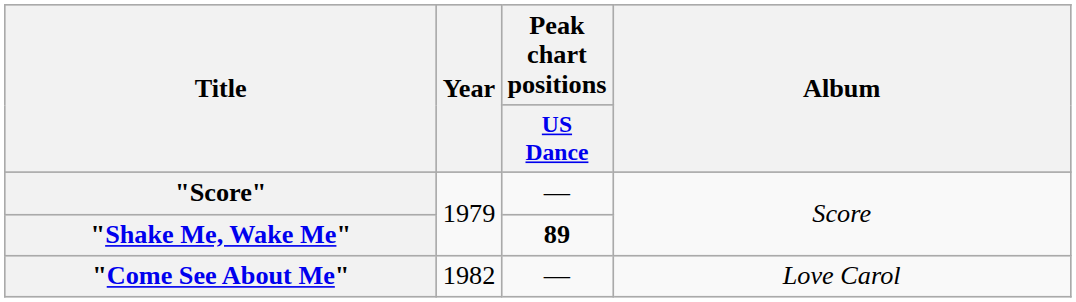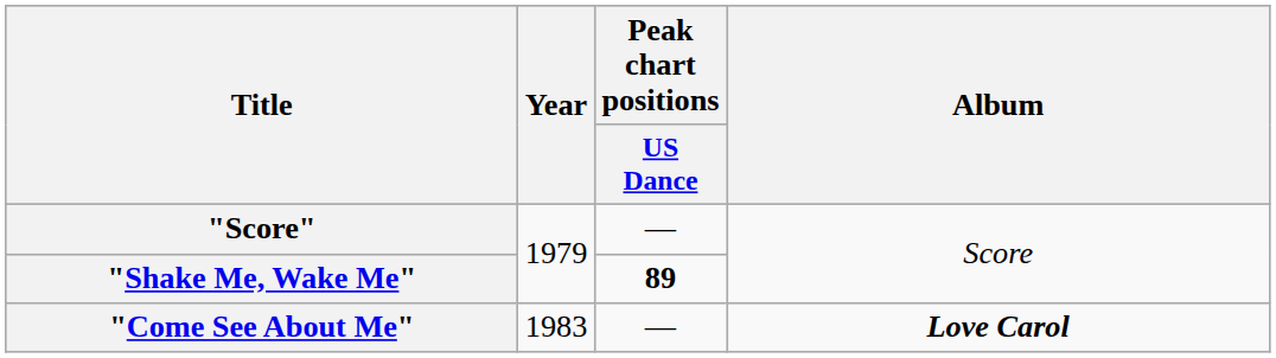 <table class="wikitable plainrowheaders" style="text-align:center">
 <tr>
 <th scope="col" rowspan="2" style="width:16em;">Title</th>
 <th scope="col" rowspan="2" style="width:1em;">Year</th>
 <th scope="col" colspan="1" style="width:3em;">Peak chart positions</th>
 <th scope="col" rowspan="2" style="width:17em;">Album</th>
 </tr>
 <tr>
 <th scope="col" style="width:2em;font-size:90%;"><a href='#'>US<br>Dance</a><br></th>
 </tr>
 <tr>
 <th scope="row">"Score"</th>
 <td rowspan="2">1979</td>
 <td>—</td>
 <td rowspan="2"><em>Score</em></td>
 </tr>
 <tr>
 <th scope="row">"<a href='#'>Shake Me, Wake Me</a>"</th>
 <td><strong>89</strong></td>
 </tr>
 <tr>
 <th scope="row">"<a href='#'>Come See About Me</a>"</th>
-<td>1982</td>
+<td>1983</td>
 <td>—</td>
-<td><em>Love Carol</em></td>
+<td><strong><em>Love Carol</em></strong></td>
 </tr>
 </table>
